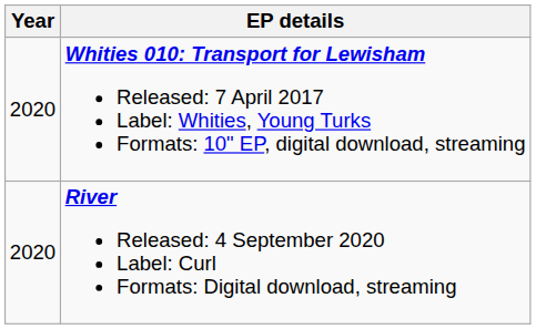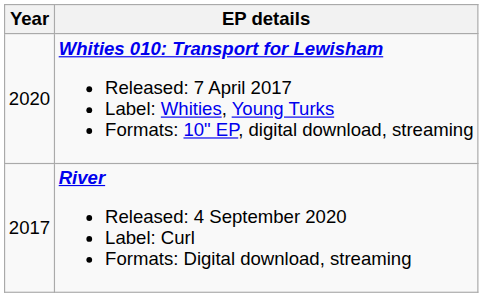 <table class="wikitable" style="text-align:center;">
 <tr>
 <th>Year</th>
 <th>EP details</th>
 </tr>
 <tr>
 <td rowspan="1">2020</td>
 <td align="left"><strong><em><a href='#'>Whities 010: Transport for Lewisham</a></em></strong><br><ul><li>Released: 7 April 2017</li><li>Label: <a href='#'>Whities</a>, <a href='#'>Young Turks</a></li><li>Formats: <a href='#'>10" EP</a>, digital download, streaming</li></ul></td>
 </tr>
 <tr>
-<td rowspan="1">2020</td>
+<td rowspan="1">2017</td>
 <td align="left"><strong><em><a href='#'>River</a></em></strong><br><ul><li>Released: 4 September 2020</li><li>Label: Curl</li><li>Formats: Digital download, streaming</li></ul></td>
 </tr>
 </table>
